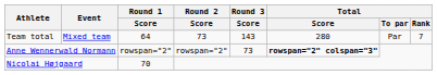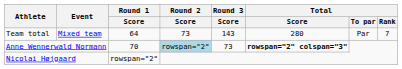 <table class="wikitable" style="font-size:90%;text-align:center;">
 <tr>
 <th rowspan="2">Athlete</th>
 <th rowspan="2">Event</th>
 <th>Round 1</th>
 <th>Round 2</th>
 <th>Round 3</th>
 <th colspan="3">Total</th>
 </tr>
 <tr style="font-size:95%;">
 <th>Score</th>
 <th>Score</th>
 <th>Score</th>
 <th>Score</th>
 <th>To par</th>
 <th>Rank</th>
 </tr>
 <tr>
 <td style="text-align:left;">Team total</td>
 <td style="text-align:left;"><a href='#'>Mixed team</a></td>
 <td>64</td>
 <td>73</td>
 <td>143</td>
 <td>280</td>
 <td>Par</td>
 <td>7</td>
 </tr>
 <tr>
 <td colspan="2" style="text-align:left;"><a href='#'>Anne Wennerwald Normann</a></td>
-<td>rowspan="2" </td>
-<td>rowspan="2" </td>
+<td>70</td>
+<td style="background: lightblue;">rowspan="2" </td>
 <td>73</td>
 <td><strong>rowspan="2" colspan="3" </strong></td>
 </tr>
 <tr>
 <td colspan="2" style="text-align:left;"><a href='#'>Nicolai Højgaard</a></td>
-<td>70</td>
+<td>rowspan="2" </td>
 </tr>
 </table>
